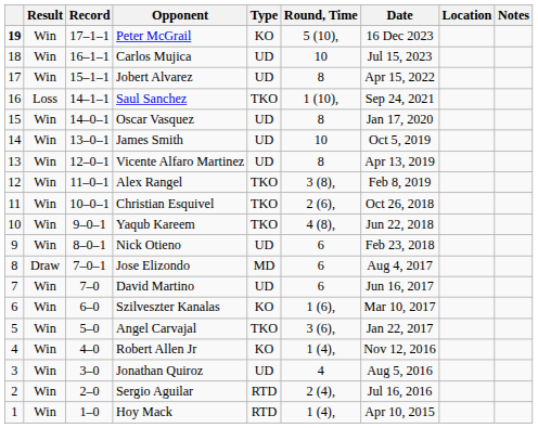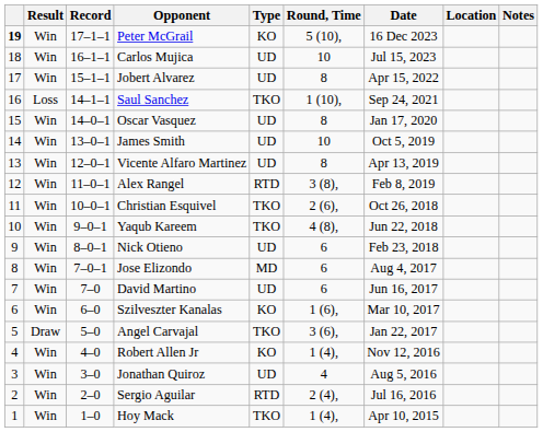 <table class="wikitable" style="text-align:center">
 <tr>
 <th></th>
 <th>Result</th>
 <th>Record</th>
 <th>Opponent</th>
 <th>Type</th>
 <th>Round, Time</th>
 <th>Date</th>
 <th>Location</th>
 <th>Notes</th>
 </tr>
 <tr>
 <td><strong>19</strong></td>
 <td>Win</td>
 <td>17–1–1</td>
 <td style="text-align:left;"><a href='#'>Peter McGrail</a></td>
 <td>KO</td>
 <td>5 (10), </td>
 <td>16 Dec 2023</td>
 <td style="text-align:left;"></td>
 <td></td>
 </tr>
 <tr>
 <td>18</td>
 <td>Win</td>
 <td>16–1–1</td>
 <td align=left>Carlos Mujica</td>
 <td>UD</td>
 <td>10</td>
 <td>Jul 15, 2023</td>
 <td align=left></td>
 <td align=left></td>
 </tr>
 <tr>
 <td>17</td>
 <td>Win</td>
 <td>15–1–1</td>
 <td align=left>Jobert Alvarez</td>
 <td>UD</td>
 <td>8</td>
 <td>Apr 15, 2022</td>
 <td align=left></td>
 <td align=left></td>
 </tr>
 <tr>
 <td>16</td>
 <td>Loss</td>
 <td>14–1–1</td>
 <td align=left><a href='#'>Saul Sanchez</a></td>
 <td>TKO</td>
 <td>1 (10), </td>
 <td>Sep 24, 2021</td>
 <td align=left></td>
 <td align=left></td>
 </tr>
 <tr>
 <td>15</td>
 <td>Win</td>
 <td>14–0–1</td>
 <td align=left>Oscar Vasquez</td>
 <td>UD</td>
 <td>8</td>
 <td>Jan 17, 2020</td>
 <td align=left></td>
 <td align=left></td>
 </tr>
 <tr>
 <td>14</td>
 <td>Win</td>
 <td>13–0–1</td>
 <td align=left>James Smith</td>
 <td>UD</td>
 <td>10</td>
 <td>Oct 5, 2019</td>
 <td align=left></td>
 <td align=left></td>
 </tr>
 <tr>
 <td>13</td>
 <td>Win</td>
 <td>12–0–1</td>
 <td align=left>Vicente Alfaro Martinez</td>
 <td>UD</td>
 <td>8</td>
 <td>Apr 13, 2019</td>
 <td align=left></td>
 <td align=left></td>
 </tr>
 <tr>
 <td>12</td>
 <td>Win</td>
 <td>11–0–1</td>
 <td align=left>Alex Rangel</td>
-<td>TKO</td>
+<td>RTD</td>
 <td>3 (8), </td>
 <td>Feb 8, 2019</td>
 <td align=left></td>
 <td align=left></td>
 </tr>
 <tr>
 <td>11</td>
 <td>Win</td>
 <td>10–0–1</td>
 <td align=left>Christian Esquivel</td>
 <td>TKO</td>
 <td>2 (6), </td>
 <td>Oct 26, 2018</td>
 <td align=left></td>
 <td align=left></td>
 </tr>
 <tr>
 <td>10</td>
 <td>Win</td>
 <td>9–0–1</td>
 <td align=left>Yaqub Kareem</td>
 <td>TKO</td>
 <td>4 (8), </td>
 <td>Jun 22, 2018</td>
 <td align=left></td>
 <td align=left></td>
 </tr>
 <tr>
 <td>9</td>
 <td>Win</td>
 <td>8–0–1</td>
 <td align=left>Nick Otieno</td>
 <td>UD</td>
 <td>6</td>
 <td>Feb 23, 2018</td>
 <td align=left></td>
 <td align=left></td>
 </tr>
 <tr>
 <td>8</td>
-<td>Draw</td>
+<td>Win</td>
 <td>7–0–1</td>
 <td align=left>Jose Elizondo</td>
 <td>MD</td>
 <td>6</td>
 <td>Aug 4, 2017</td>
 <td align=left></td>
 <td align=left></td>
 </tr>
 <tr>
 <td>7</td>
 <td>Win</td>
 <td>7–0</td>
 <td align=left>David Martino</td>
 <td>UD</td>
 <td>6</td>
 <td>Jun 16, 2017</td>
 <td align=left></td>
 <td align=left></td>
 </tr>
 <tr>
 <td>6</td>
 <td>Win</td>
 <td>6–0</td>
 <td align=left>Szilveszter Kanalas</td>
 <td>KO</td>
 <td>1 (6), </td>
 <td>Mar 10, 2017</td>
 <td align=left></td>
 <td align=left></td>
 </tr>
 <tr>
 <td>5</td>
-<td>Win</td>
+<td>Draw</td>
 <td>5–0</td>
 <td align=left>Angel Carvajal</td>
 <td>TKO</td>
 <td>3 (6), </td>
 <td>Jan 22, 2017</td>
 <td align=left></td>
 <td align=left></td>
 </tr>
 <tr>
 <td>4</td>
 <td>Win</td>
 <td>4–0</td>
 <td align=left>Robert Allen Jr</td>
 <td>KO</td>
 <td>1 (4), </td>
 <td>Nov 12, 2016</td>
 <td align=left></td>
 <td align=left></td>
 </tr>
 <tr>
 <td>3</td>
 <td>Win</td>
 <td>3–0</td>
 <td align=left>Jonathan Quiroz</td>
 <td>UD</td>
 <td>4</td>
 <td>Aug 5, 2016</td>
 <td align=left></td>
 <td align=left></td>
 </tr>
 <tr>
 <td>2</td>
 <td>Win</td>
 <td>2–0</td>
 <td align=left>Sergio Aguilar</td>
 <td>RTD</td>
 <td>2 (4), </td>
 <td>Jul 16, 2016</td>
 <td align=left></td>
 <td align=left></td>
 </tr>
 <tr>
 <td>1</td>
 <td>Win</td>
 <td>1–0</td>
 <td align=left>Hoy Mack</td>
-<td>RTD</td>
+<td>TKO</td>
 <td>1 (4), </td>
 <td>Apr 10, 2015</td>
 <td align=left></td>
 <td align=left></td>
 </tr>
 </table>
